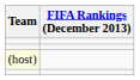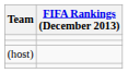 <table class="wikitable sortable" style="text-align: left;">
 <tr>
 <th>Team</th>
 <th><a href='#'>FIFA Rankings</a><br>(December 2013)</th>
 </tr>
 <tr>
 <td></td>
 <td></td>
 </tr>
 <tr>
 <td></td>
 <td></td>
 </tr>
 <tr>
-<td style="background: lightyellow;"> (host)</td>
+<td> (host)</td>
 <td></td>
 </tr>
 <tr>
 <td></td>
 <td></td>
 </tr>
 </table>
